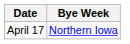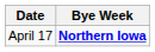 <table class="wikitable" style="font-size:95%;">
 <tr>
 <th>Date</th>
 <th>Bye Week</th>
 </tr>
 <tr>
 <td>April 17</td>
-<td><a href='#'>Northern Iowa</a></td>
+<td><strong><a href='#'>Northern Iowa</a></strong></td>
 </tr>
 </table>
